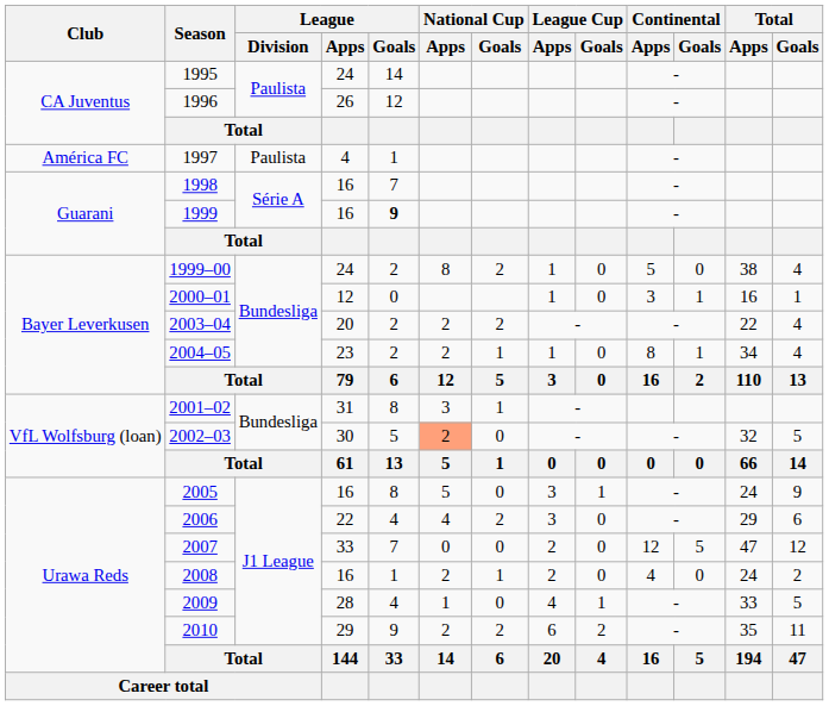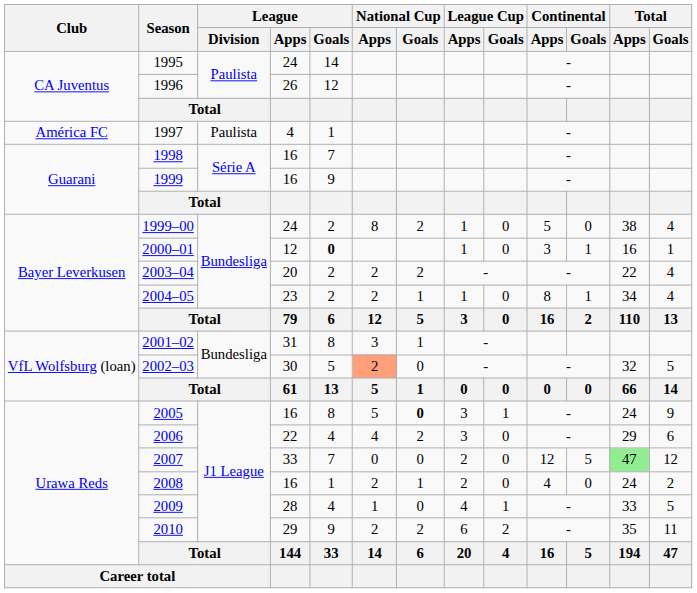 <table class="wikitable" style="text-align:center">
 <tr>
 <th rowspan="2">Club</th>
 <th rowspan="2">Season</th>
 <th colspan="3">League</th>
 <th colspan="2">National Cup</th>
 <th colspan="2">League Cup</th>
 <th colspan="2">Continental</th>
 <th colspan="2">Total</th>
 </tr>
 <tr>
 <th>Division</th>
 <th>Apps</th>
 <th>Goals</th>
 <th>Apps</th>
 <th>Goals</th>
 <th>Apps</th>
 <th>Goals</th>
 <th>Apps</th>
 <th>Goals</th>
 <th>Apps</th>
 <th>Goals</th>
 </tr>
 <tr>
 <td rowspan="3"><a href='#'>CA Juventus</a></td>
 <td>1995</td>
 <td rowspan="2"><a href='#'>Paulista</a></td>
 <td>24</td>
 <td>14</td>
 <td></td>
 <td></td>
 <td></td>
 <td></td>
 <td colspan="2">-</td>
 <td></td>
 <td></td>
 </tr>
 <tr>
 <td>1996</td>
 <td>26</td>
 <td>12</td>
 <td></td>
 <td></td>
 <td></td>
 <td></td>
 <td colspan="2">-</td>
 <td></td>
 <td></td>
 </tr>
 <tr>
 <th colspan="2">Total</th>
 <th></th>
 <th></th>
 <th></th>
 <th></th>
 <th></th>
 <th></th>
 <th></th>
 <th></th>
 <th></th>
 <th></th>
 </tr>
 <tr>
 <td><a href='#'>América FC</a></td>
 <td>1997</td>
 <td>Paulista</td>
 <td>4</td>
 <td>1</td>
 <td></td>
 <td></td>
 <td></td>
 <td></td>
 <td colspan="2">-</td>
 <td></td>
 <td></td>
 </tr>
 <tr>
 <td rowspan="3"><a href='#'>Guarani</a></td>
 <td><a href='#'>1998</a></td>
 <td rowspan="2"><a href='#'>Série A</a></td>
 <td>16</td>
 <td>7</td>
 <td></td>
 <td></td>
 <td></td>
 <td></td>
 <td colspan="2">-</td>
 <td></td>
 <td></td>
 </tr>
 <tr>
 <td><a href='#'>1999</a></td>
 <td>16</td>
-<td><strong>9</strong></td>
+<td>9</td>
 <td></td>
 <td></td>
 <td></td>
 <td></td>
 <td colspan="2">-</td>
 <td></td>
 <td></td>
 </tr>
 <tr>
 <th colspan="2">Total</th>
 <th></th>
 <th></th>
 <th></th>
 <th></th>
 <th></th>
 <th></th>
 <th></th>
 <th></th>
 <th></th>
 <th></th>
 </tr>
 <tr>
 <td rowspan="5"><a href='#'>Bayer Leverkusen</a></td>
 <td><a href='#'>1999–00</a></td>
 <td rowspan="4"><a href='#'>Bundesliga</a></td>
 <td>24</td>
 <td>2</td>
 <td>8</td>
 <td>2</td>
 <td>1</td>
 <td>0</td>
 <td>5</td>
 <td>0</td>
 <td>38</td>
 <td>4</td>
 </tr>
 <tr>
 <td><a href='#'>2000–01</a></td>
 <td>12</td>
-<td>0</td>
+<td><strong>0</strong></td>
 <td></td>
 <td></td>
 <td>1</td>
 <td>0</td>
 <td>3</td>
 <td>1</td>
 <td>16</td>
 <td>1</td>
 </tr>
 <tr>
 <td><a href='#'>2003–04</a></td>
 <td>20</td>
 <td>2</td>
 <td>2</td>
 <td>2</td>
 <td colspan="2">-</td>
 <td colspan="2">-</td>
 <td>22</td>
 <td>4</td>
 </tr>
 <tr>
 <td><a href='#'>2004–05</a></td>
 <td>23</td>
 <td>2</td>
 <td>2</td>
 <td>1</td>
 <td>1</td>
 <td>0</td>
 <td>8</td>
 <td>1</td>
 <td>34</td>
 <td>4</td>
 </tr>
 <tr>
 <th colspan="2">Total</th>
 <th>79</th>
 <th>6</th>
 <th>12</th>
 <th>5</th>
 <th>3</th>
 <th>0</th>
 <th>16</th>
 <th>2</th>
 <th>110</th>
 <th>13</th>
 </tr>
 <tr>
 <td rowspan="3"><a href='#'>VfL Wolfsburg</a> (loan)</td>
 <td><a href='#'>2001–02</a></td>
 <td rowspan="2">Bundesliga</td>
 <td>31</td>
 <td>8</td>
 <td>3</td>
 <td>1</td>
 <td colspan="2">-</td>
 <td></td>
 <td></td>
 <td></td>
 <td></td>
 </tr>
 <tr>
 <td><a href='#'>2002–03</a></td>
 <td>30</td>
 <td>5</td>
 <td style="background: lightsalmon;">2</td>
 <td>0</td>
 <td colspan="2">-</td>
 <td colspan="2">-</td>
 <td>32</td>
 <td>5</td>
 </tr>
 <tr>
 <th colspan="2">Total</th>
 <th>61</th>
 <th>13</th>
 <th>5</th>
 <th>1</th>
 <th>0</th>
 <th>0</th>
 <th>0</th>
 <th>0</th>
 <th>66</th>
 <th>14</th>
 </tr>
 <tr>
 <td rowspan="7"><a href='#'>Urawa Reds</a></td>
 <td><a href='#'>2005</a></td>
 <td rowspan="6"><a href='#'>J1 League</a></td>
 <td>16</td>
 <td>8</td>
 <td>5</td>
-<td>0</td>
+<td><strong>0</strong></td>
 <td>3</td>
 <td>1</td>
 <td colspan="2">-</td>
 <td>24</td>
 <td>9</td>
 </tr>
 <tr>
 <td><a href='#'>2006</a></td>
 <td>22</td>
 <td>4</td>
 <td>4</td>
 <td>2</td>
 <td>3</td>
 <td>0</td>
 <td colspan="2">-</td>
 <td>29</td>
 <td>6</td>
 </tr>
 <tr>
 <td><a href='#'>2007</a></td>
 <td>33</td>
 <td>7</td>
 <td>0</td>
 <td>0</td>
 <td>2</td>
 <td>0</td>
 <td>12</td>
 <td>5</td>
-<td>47</td>
+<td style="background: lightgreen;">47</td>
 <td>12</td>
 </tr>
 <tr>
 <td><a href='#'>2008</a></td>
 <td>16</td>
 <td>1</td>
 <td>2</td>
 <td>1</td>
 <td>2</td>
 <td>0</td>
 <td>4</td>
 <td>0</td>
 <td>24</td>
 <td>2</td>
 </tr>
 <tr>
 <td><a href='#'>2009</a></td>
 <td>28</td>
 <td>4</td>
 <td>1</td>
 <td>0</td>
 <td>4</td>
 <td>1</td>
 <td colspan="2">-</td>
 <td>33</td>
 <td>5</td>
 </tr>
 <tr>
 <td><a href='#'>2010</a></td>
 <td>29</td>
 <td>9</td>
 <td>2</td>
 <td>2</td>
 <td>6</td>
 <td>2</td>
 <td colspan="2">-</td>
 <td>35</td>
 <td>11</td>
 </tr>
 <tr>
 <th colspan="2">Total</th>
 <th>144</th>
 <th>33</th>
 <th>14</th>
 <th>6</th>
 <th>20</th>
 <th>4</th>
 <th>16</th>
 <th>5</th>
 <th>194</th>
 <th>47</th>
 </tr>
 <tr>
 <th colspan="3">Career total</th>
 <th></th>
 <th></th>
 <th></th>
 <th></th>
 <th></th>
 <th></th>
 <th></th>
 <th></th>
 <th></th>
 <th></th>
 </tr>
 </table>
